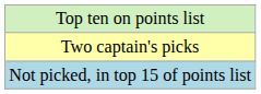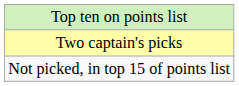 <table class=wikitable style="text-align:center">
 <tr style="background:#d0f0c0;">
 <td>Top ten on points list</td>
 </tr>
 <tr style="background:#ffa;">
 <td>Two captain's picks</td>
 </tr>
 <tr>
-<td style="background: lightblue;">Not picked, in top 15 of points list</td>
+<td>Not picked, in top 15 of points list</td>
 </tr>
 </table>
